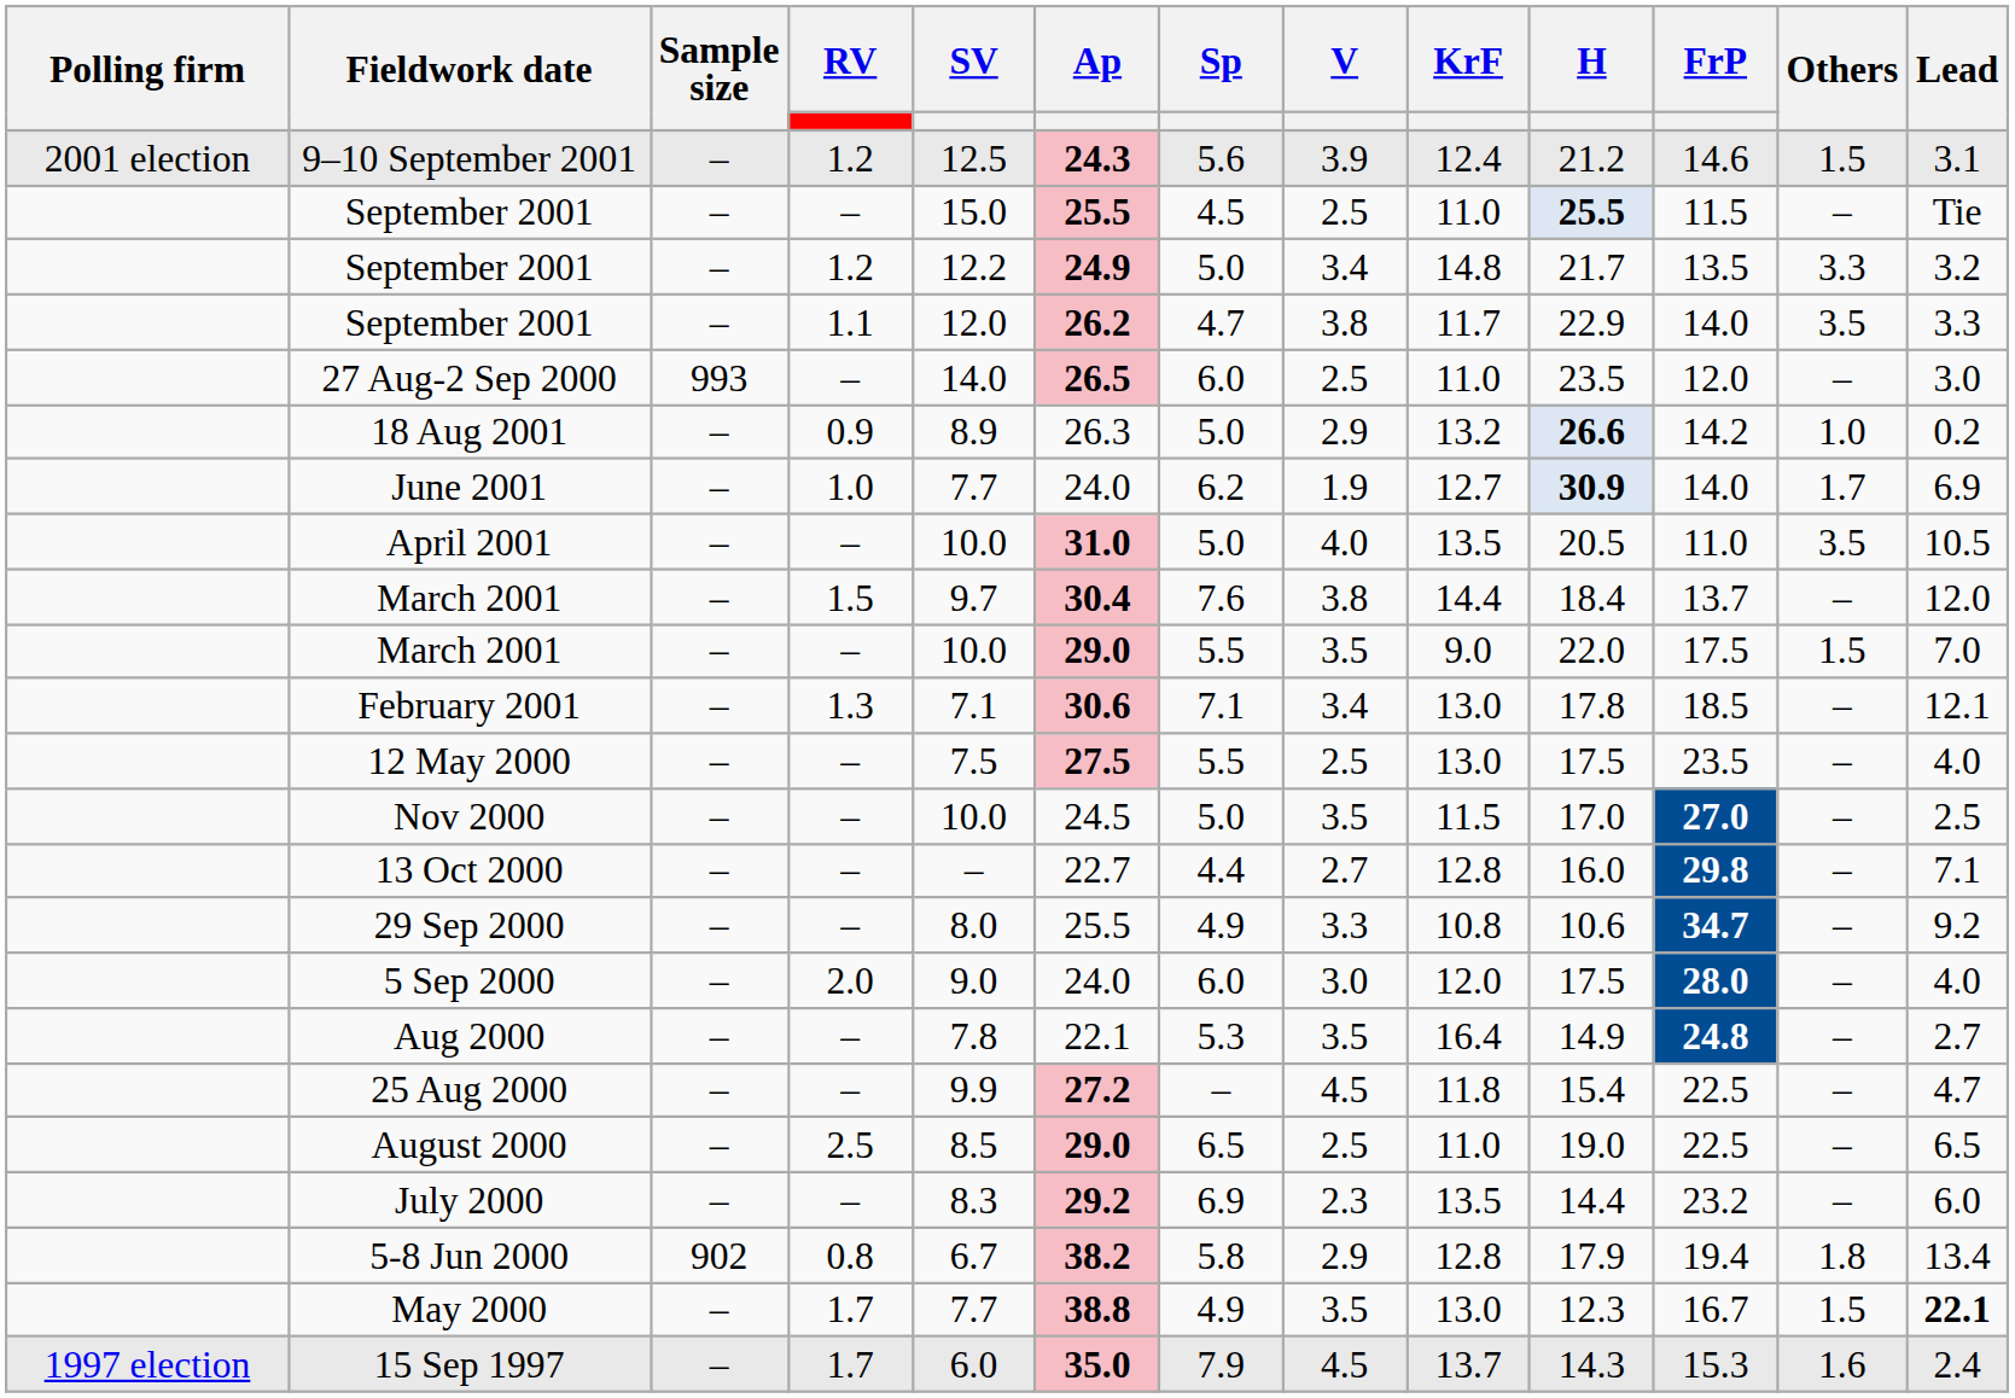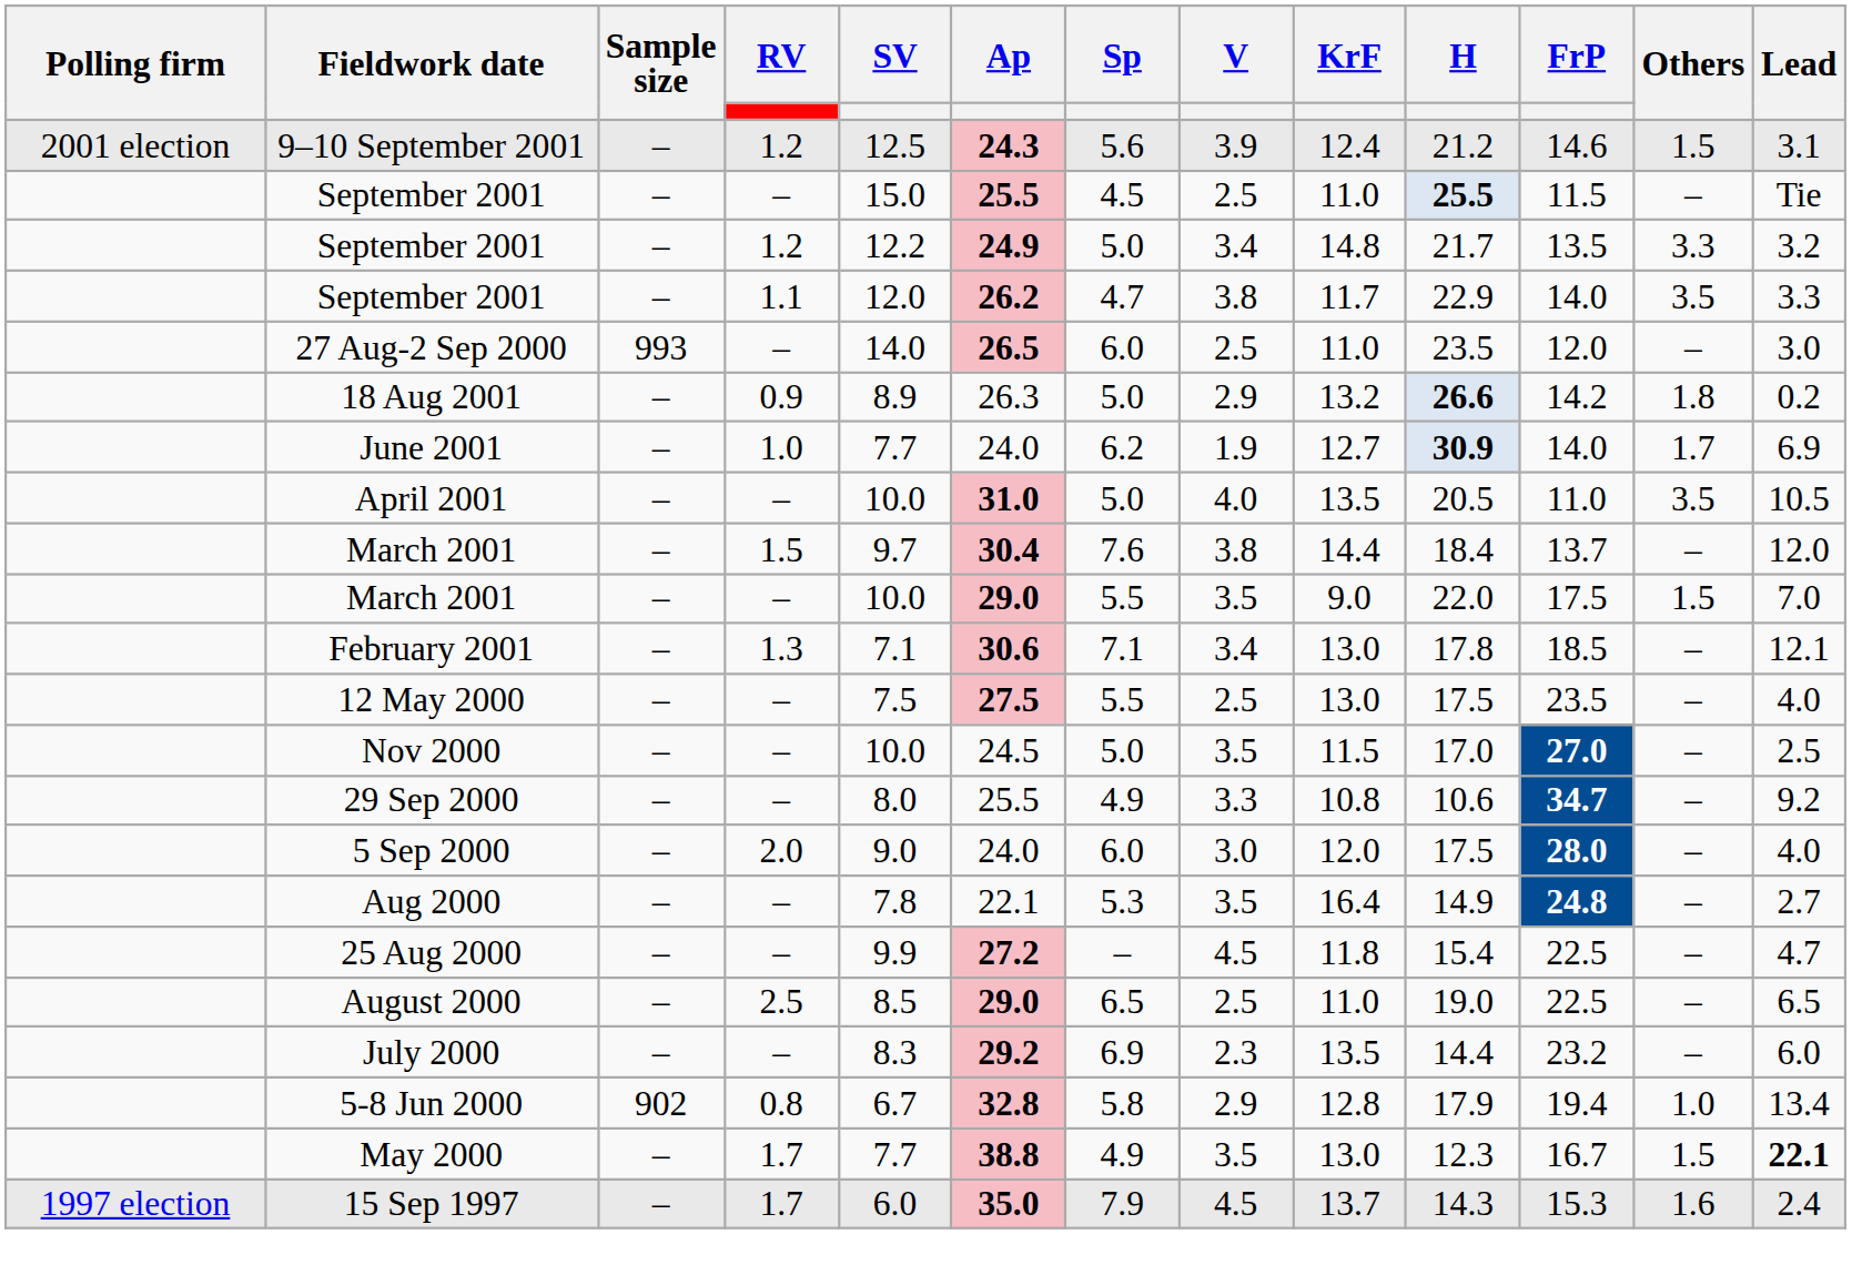 <table class="wikitable mw-collapsible sortable" style="text-align:center;font-size:90%;line-height:14px;">
 <tr style="height:40px;">
 <th style="width:100px;" rowspan="2">Polling firm</th>
 <th style="width:130px;" rowspan="2">Fieldwork date</th>
 <th style="width:35px;" rowspan="2">Sample<br>size</th>
 <th class="unsortable" style="width:40px;"><a href='#'>RV</a></th>
 <th class="unsortable" style="width:40px;"><a href='#'>SV</a></th>
 <th class="unsortable" style="width:40px;"><a href='#'>Ap</a></th>
 <th class="unsortable" style="width:40px;"><a href='#'>Sp</a></th>
 <th class="unsortable" style="width:40px;"><a href='#'>V</a></th>
 <th class="unsortable" style="width:40px;"><a href='#'>KrF</a></th>
 <th class="unsortable" style="width:40px;"><a href='#'>H</a></th>
 <th class="unsortable" style="width:40px;"><a href='#'>FrP</a></th>
 <th class="unsortable" style="width:30px;" rowspan="2">Others</th>
 <th style="width:30px;" rowspan="2">Lead</th>
 </tr>
 <tr>
 <th style="background:#FF0000;"></th>
 <th style="background:"></th>
 <th style="background:"></th>
 <th style="background:"></th>
 <th style="background:"></th>
 <th style="background:"></th>
 <th style="background:"></th>
 <th style="background:"></th>
 </tr>
 <tr style="background:#E9E9E9;">
 <td>2001 election</td>
 <td>9–10 September 2001</td>
 <td>–</td>
 <td>1.2</td>
 <td>12.5</td>
 <td style="background:#F7BDC5;"><strong>24.3</strong></td>
 <td>5.6</td>
 <td>3.9</td>
 <td>12.4</td>
 <td>21.2</td>
 <td>14.6</td>
 <td>1.5</td>
 <td style="background:">3.1</td>
 </tr>
 <tr>
 <td></td>
 <td>September 2001</td>
 <td>–</td>
 <td>–</td>
 <td>15.0</td>
 <td style="background:#F7BDC5;"><strong>25.5</strong></td>
 <td>4.5</td>
 <td>2.5</td>
 <td>11.0</td>
 <td style="background:#DCE7F3;"><strong>25.5</strong></td>
 <td>11.5</td>
 <td>–</td>
 <td>Tie</td>
 </tr>
 <tr>
 <td></td>
 <td>September 2001</td>
 <td>–</td>
 <td>1.2</td>
 <td>12.2</td>
 <td style="background:#F7BDC5;"><strong>24.9</strong></td>
 <td>5.0</td>
 <td>3.4</td>
 <td>14.8</td>
 <td>21.7</td>
 <td>13.5</td>
 <td>3.3</td>
 <td style="background:">3.2</td>
 </tr>
 <tr>
 <td></td>
 <td>September 2001</td>
 <td>–</td>
 <td>1.1</td>
 <td>12.0</td>
 <td style="background:#F7BDC5;"><strong>26.2</strong></td>
 <td>4.7</td>
 <td>3.8</td>
 <td>11.7</td>
 <td>22.9</td>
 <td>14.0</td>
 <td>3.5</td>
 <td style="background:">3.3</td>
 </tr>
 <tr>
 <td></td>
 <td>27 Aug-2 Sep 2000</td>
 <td>993</td>
 <td>–</td>
 <td>14.0</td>
 <td style="background:#F7BDC5;"><strong>26.5</strong></td>
 <td>6.0</td>
 <td>2.5</td>
 <td>11.0</td>
 <td>23.5</td>
 <td>12.0</td>
 <td>–</td>
 <td style="background:">3.0</td>
 </tr>
 <tr>
 <td></td>
 <td>18 Aug 2001</td>
 <td>–</td>
 <td>0.9</td>
 <td>8.9</td>
 <td>26.3</td>
 <td>5.0</td>
 <td>2.9</td>
 <td>13.2</td>
 <td style="background:#DCE7F3;"><strong>26.6</strong></td>
 <td>14.2</td>
-<td>1.0</td>
+<td>1.8</td>
 <td style="background:">0.2</td>
 </tr>
 <tr>
 <td></td>
 <td>June 2001</td>
 <td>–</td>
 <td>1.0</td>
 <td>7.7</td>
 <td>24.0</td>
 <td>6.2</td>
 <td>1.9</td>
 <td>12.7</td>
 <td style="background:#DCE7F3;"><strong>30.9</strong></td>
 <td>14.0</td>
 <td>1.7</td>
 <td style="background:">6.9</td>
 </tr>
 <tr>
 <td></td>
 <td>April 2001</td>
 <td>–</td>
 <td>–</td>
 <td>10.0</td>
 <td style="background:#F7BDC5;"><strong>31.0</strong></td>
 <td>5.0</td>
 <td>4.0</td>
 <td>13.5</td>
 <td>20.5</td>
 <td>11.0</td>
 <td>3.5</td>
 <td style="background:">10.5</td>
 </tr>
 <tr>
 <td></td>
 <td>March 2001</td>
 <td>–</td>
 <td>1.5</td>
 <td>9.7</td>
 <td style="background:#F7BDC5;"><strong>30.4</strong></td>
 <td>7.6</td>
 <td>3.8</td>
 <td>14.4</td>
 <td>18.4</td>
 <td>13.7</td>
 <td>–</td>
 <td style="background:">12.0</td>
 </tr>
 <tr>
 <td></td>
 <td>March 2001</td>
 <td>–</td>
 <td>–</td>
 <td>10.0</td>
 <td style="background:#F7BDC5;"><strong>29.0</strong></td>
 <td>5.5</td>
 <td>3.5</td>
 <td>9.0</td>
 <td>22.0</td>
 <td>17.5</td>
 <td>1.5</td>
 <td style="background:">7.0</td>
 </tr>
 <tr>
 <td></td>
 <td data-sort-value="2001-02-01">February 2001</td>
 <td>–</td>
 <td>1.3</td>
 <td>7.1</td>
 <td style="background:#F7BDC5;"><strong>30.6</strong></td>
 <td>7.1</td>
 <td>3.4</td>
 <td>13.0</td>
 <td>17.8</td>
 <td>18.5</td>
 <td>–</td>
 <td style="background:">12.1</td>
 </tr>
 <tr>
 <td></td>
 <td data-sort-value="2000-05-12">12 May 2000</td>
 <td>–</td>
 <td>–</td>
 <td>7.5</td>
 <td style="background:#F7BDC5;"><strong>27.5</strong></td>
 <td>5.5</td>
 <td>2.5</td>
 <td>13.0</td>
 <td>17.5</td>
 <td>23.5</td>
 <td>–</td>
 <td style="background:">4.0</td>
 </tr>
 <tr>
 <td></td>
 <td data-sort-value="2021-02-02">Nov 2000</td>
 <td>–</td>
 <td>–</td>
 <td>10.0</td>
 <td>24.5</td>
 <td>5.0</td>
 <td>3.5</td>
 <td>11.5</td>
 <td>17.0</td>
 <td style="background:#024C93;color:white;"><strong>27.0</strong></td>
 <td>–</td>
 <td style="background:">2.5</td>
 </tr>
 <tr>
 <td></td>
-<td data-sort-value="2000-10-13">13 Oct 2000</td>
-<td>–</td>
-<td>–</td>
-<td>–</td>
-<td>22.7</td>
-<td>4.4</td>
-<td>2.7</td>
-<td>12.8</td>
-<td>16.0</td>
-<td style="background:#024C93;color:white;"><strong>29.8</strong></td>
-<td>–</td>
-<td style="background:">7.1</td>
-</tr>
-<tr>
-<td></td>
 <td data-sort-value="2000-09-29">29 Sep 2000</td>
 <td>–</td>
 <td>–</td>
 <td>8.0</td>
 <td>25.5</td>
 <td>4.9</td>
 <td>3.3</td>
 <td>10.8</td>
 <td>10.6</td>
 <td style="background:#024C93;color:white;"><strong>34.7</strong></td>
 <td>–</td>
 <td style="background:">9.2</td>
 </tr>
 <tr>
 <td></td>
 <td data-sort-value="2000-09-05">5 Sep 2000</td>
 <td>–</td>
 <td>2.0</td>
 <td>9.0</td>
 <td>24.0</td>
 <td>6.0</td>
 <td>3.0</td>
 <td>12.0</td>
 <td>17.5</td>
 <td style="background:#024C93;color:white;"><strong>28.0</strong></td>
 <td>–</td>
 <td style="background:">4.0</td>
 </tr>
 <tr>
 <td></td>
 <td data-sort-value="2000-08-01">Aug 2000</td>
 <td>–</td>
 <td>–</td>
 <td>7.8</td>
 <td>22.1</td>
 <td>5.3</td>
 <td>3.5</td>
 <td>16.4</td>
 <td>14.9</td>
 <td style="background:#024C93;color:white;"><strong>24.8</strong></td>
 <td>–</td>
 <td style="background:">2.7</td>
 </tr>
 <tr>
 <td></td>
 <td data-sort-value="2000-08-25">25 Aug 2000</td>
 <td>–</td>
 <td>–</td>
 <td>9.9</td>
 <td style="background:#F7BDC5;"><strong>27.2</strong></td>
 <td>–</td>
 <td>4.5</td>
 <td>11.8</td>
 <td>15.4</td>
 <td>22.5</td>
 <td>–</td>
 <td style="background:">4.7</td>
 </tr>
 <tr>
 <td></td>
 <td data-sort-value="2000-08-01">August 2000</td>
 <td>–</td>
 <td>2.5</td>
 <td>8.5</td>
 <td style="background:#F7BDC5;"><strong>29.0</strong></td>
 <td>6.5</td>
 <td>2.5</td>
 <td>11.0</td>
 <td>19.0</td>
 <td>22.5</td>
 <td>–</td>
 <td style="background:">6.5</td>
 </tr>
 <tr>
 <td></td>
 <td data-sort-value="2000-07-01">July 2000</td>
 <td>–</td>
 <td>–</td>
 <td>8.3</td>
 <td style="background:#F7BDC5;"><strong>29.2</strong></td>
 <td>6.9</td>
 <td>2.3</td>
 <td>13.5</td>
 <td>14.4</td>
 <td>23.2</td>
 <td>–</td>
 <td style="background:">6.0</td>
 </tr>
 <tr>
 <td></td>
 <td data-sort-value="2000-06-05">5-8 Jun 2000</td>
 <td>902</td>
 <td>0.8</td>
 <td>6.7</td>
-<td style="background:#F7BDC5;"><strong>38.2</strong></td>
+<td style="background:#F7BDC5;"><strong>32.8</strong></td>
 <td>5.8</td>
 <td>2.9</td>
 <td>12.8</td>
 <td>17.9</td>
 <td>19.4</td>
-<td>1.8</td>
+<td>1.0</td>
 <td style="background:">13.4</td>
 </tr>
 <tr>
 <td></td>
 <td data-sort-value="2000-05-01">May 2000</td>
 <td>–</td>
 <td>1.7</td>
 <td>7.7</td>
 <td style="background:#F7BDC5;"><strong>38.8</strong></td>
 <td>4.9</td>
 <td>3.5</td>
 <td>13.0</td>
 <td>12.3</td>
 <td>16.7</td>
 <td>1.5</td>
 <td style="background:"><strong>22.1</strong></td>
 </tr>
 <tr style="background:#E9E9E9;">
 <td><a href='#'>1997 election</a></td>
 <td data-sort-value="1997-09-15">15 Sep 1997</td>
 <td>–</td>
 <td>1.7</td>
 <td>6.0</td>
 <td style="background:#F7BDC5;"><strong>35.0</strong></td>
 <td>7.9</td>
 <td>4.5</td>
 <td>13.7</td>
 <td>14.3</td>
 <td>15.3</td>
 <td>1.6</td>
 <td style="background:">2.4</td>
 </tr>
 </table>
